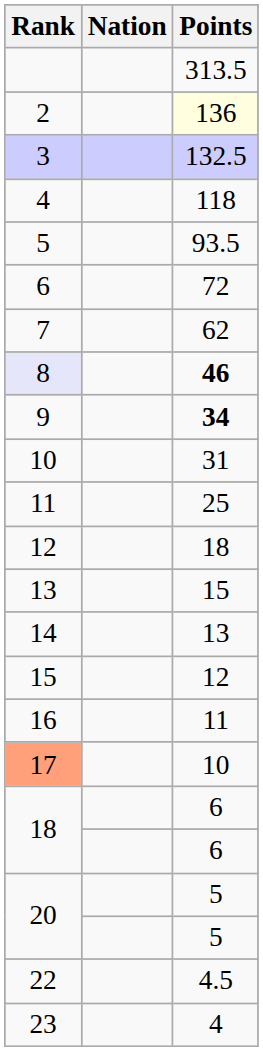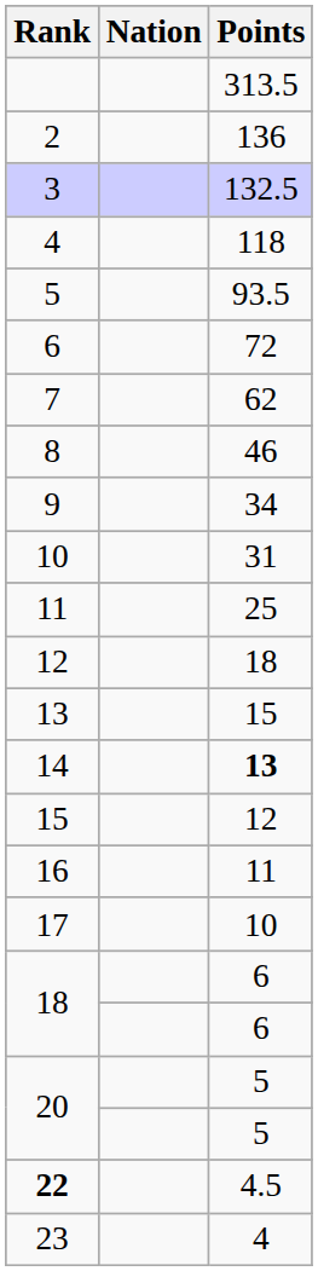 <table class="wikitable sortable" style="text-align:center">
 <tr>
 <th>Rank</th>
 <th>Nation</th>
 <th>Points</th>
 </tr>
 <tr>
 <td></td>
 <td align=left></td>
 <td>313.5</td>
 </tr>
 <tr>
 <td>2</td>
 <td align=left></td>
-<td style="background: lightyellow;">136</td>
+<td>136</td>
 </tr>
 <tr style="background:#ccf;">
 <td>3</td>
 <td align=left></td>
 <td>132.5</td>
 </tr>
 <tr>
 <td>4</td>
 <td align=left></td>
 <td>118</td>
 </tr>
 <tr>
 <td>5</td>
 <td align=left></td>
 <td>93.5</td>
 </tr>
 <tr>
 <td>6</td>
 <td align=left></td>
 <td>72</td>
 </tr>
 <tr>
 <td>7</td>
 <td align=left></td>
 <td>62</td>
 </tr>
 <tr>
-<td style="background: lavender;">8</td>
+<td>8</td>
 <td align=left></td>
-<td><strong>46</strong></td>
+<td>46</td>
 </tr>
 <tr>
 <td>9</td>
 <td align=left></td>
-<td><strong>34</strong></td>
+<td>34</td>
 </tr>
 <tr>
 <td>10</td>
 <td align=left></td>
 <td>31</td>
 </tr>
 <tr>
 <td>11</td>
 <td align=left></td>
 <td>25</td>
 </tr>
 <tr>
 <td>12</td>
 <td align=left></td>
 <td>18</td>
 </tr>
 <tr>
 <td>13</td>
 <td align=left></td>
 <td>15</td>
 </tr>
 <tr>
 <td>14</td>
 <td align=left></td>
-<td>13</td>
+<td><strong>13</strong></td>
 </tr>
 <tr>
 <td>15</td>
 <td align=left></td>
 <td>12</td>
 </tr>
 <tr>
 <td>16</td>
 <td align=left></td>
 <td>11</td>
 </tr>
 <tr>
-<td style="background: lightsalmon;">17</td>
+<td>17</td>
 <td align=left></td>
 <td>10</td>
 </tr>
 <tr>
 <td rowspan="2">18</td>
 <td align=left></td>
 <td>6</td>
 </tr>
 <tr>
 <td align=left></td>
 <td>6</td>
 </tr>
 <tr>
 <td rowspan="2">20</td>
 <td align=left></td>
 <td>5</td>
 </tr>
 <tr>
 <td align=left></td>
 <td>5</td>
 </tr>
 <tr>
-<td>22</td>
+<td><strong>22</strong></td>
 <td align=left></td>
 <td>4.5</td>
 </tr>
 <tr>
 <td>23</td>
 <td align=left></td>
 <td>4</td>
 </tr>
 </table>
